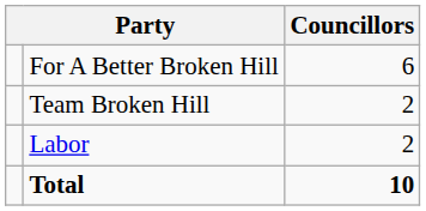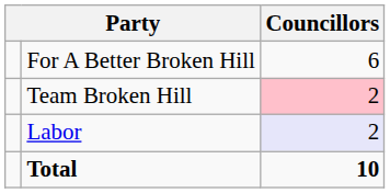 <table class="wikitable">
 <tr>
 <th colspan="2">Party</th>
 <th>Councillors</th>
 </tr>
 <tr>
 <td> </td>
 <td>For A Better Broken Hill</td>
 <td align=right>6</td>
 </tr>
 <tr>
 <td> </td>
 <td>Team Broken Hill</td>
-<td align=right>2</td>
+<td align=right style="background: pink;">2</td>
 </tr>
 <tr>
 <td> </td>
 <td><a href='#'>Labor</a></td>
-<td align=right>2</td>
+<td align=right style="background: lavender;">2</td>
 </tr>
 <tr>
 <td></td>
 <td><strong>Total</strong></td>
 <td align=right><strong>10</strong></td>
 </tr>
 </table>
